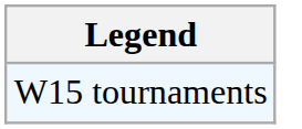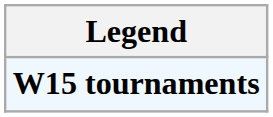 <table class="wikitable" style=font-size:85%>
 <tr>
 <th>Legend</th>
 </tr>
 <tr style="background:#f0f8ff;">
-<td>W15 tournaments</td>
+<td><strong>W15 tournaments</strong></td>
 </tr>
 </table>
